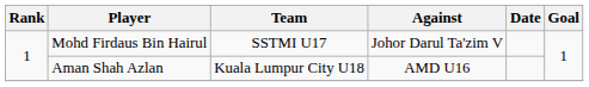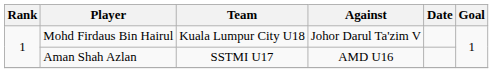 <table class="wikitable" style="text-align:center; font-size:90%">
 <tr>
 <th>Rank</th>
 <th>Player</th>
 <th>Team</th>
 <th>Against</th>
 <th>Date</th>
 <th>Goal</th>
 </tr>
 <tr>
 <td rowspan="2" style="text-align:centre">1</td>
 <td align="left">Mohd Firdaus Bin Hairul</td>
-<td>SSTMI U17</td>
+<td>Kuala Lumpur City U18</td>
 <td>Johor Darul Ta'zim V</td>
 <td></td>
 <td rowspan="2" style="text-align:centre">1</td>
 </tr>
 <tr>
 <td align="left">Aman Shah Azlan</td>
-<td>Kuala Lumpur City U18</td>
+<td>SSTMI U17</td>
 <td>AMD U16</td>
 <td></td>
 </tr>
 <tr>
 </tr>
 </table>
